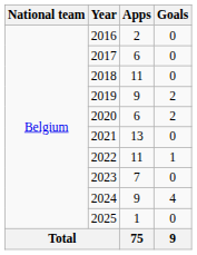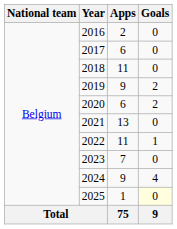 <table class="wikitable" style="text-align:center">
 <tr>
 <th>National team</th>
 <th>Year</th>
 <th>Apps</th>
 <th>Goals</th>
 </tr>
 <tr>
 <td rowspan="10"><a href='#'>Belgium</a></td>
 <td>2016</td>
 <td>2</td>
 <td>0</td>
 </tr>
 <tr>
 <td>2017</td>
 <td>6</td>
 <td>0</td>
 </tr>
 <tr>
 <td>2018</td>
 <td>11</td>
 <td>0</td>
 </tr>
 <tr>
 <td>2019</td>
 <td>9</td>
 <td>2</td>
 </tr>
 <tr>
 <td>2020</td>
 <td>6</td>
 <td>2</td>
 </tr>
 <tr>
 <td>2021</td>
 <td>13</td>
 <td>0</td>
 </tr>
 <tr>
 <td>2022</td>
 <td>11</td>
 <td>1</td>
 </tr>
 <tr>
 <td>2023</td>
 <td>7</td>
 <td>0</td>
 </tr>
 <tr>
 <td>2024</td>
 <td>9</td>
 <td>4</td>
 </tr>
 <tr>
 <td>2025</td>
 <td>1</td>
-<td>0</td>
+<td style="background: lightyellow;">0</td>
 </tr>
 <tr>
 <th colspan="2">Total</th>
 <th>75</th>
 <th>9</th>
 </tr>
 </table>
